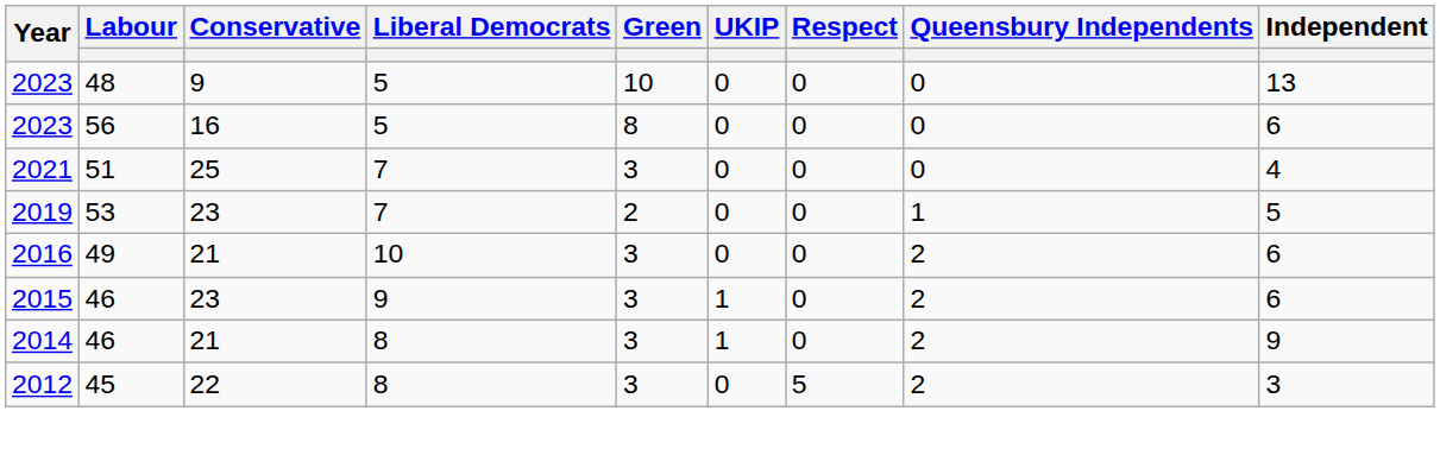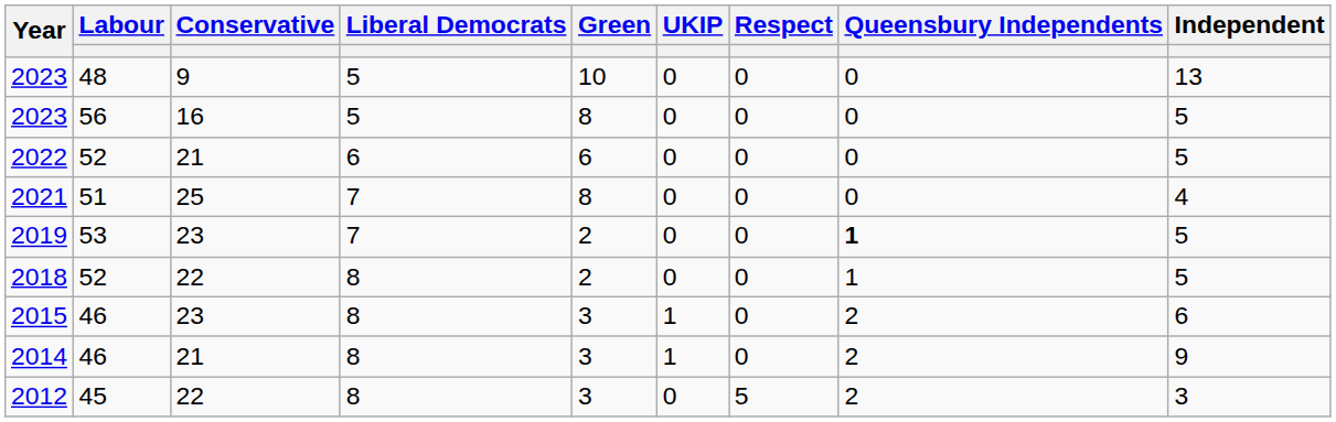 <table class="wikitable">
 <tr>
 <th rowspan="2">Year</th>
 <th><a href='#'>Labour</a></th>
 <th><a href='#'>Conservative</a></th>
 <th><a href='#'>Liberal Democrats</a></th>
 <th><a href='#'>Green</a></th>
 <th><a href='#'>UKIP</a></th>
 <th><a href='#'>Respect</a></th>
 <th><a href='#'>Queensbury Independents</a></th>
 <th>Independent</th>
 </tr>
 <tr>
 <th style="background-color: "></th>
 <th style="background-color: "></th>
 <th style="background-color: "></th>
 <th style="background-color: "></th>
 <th style="background-color: "></th>
 <th style="background-color: "></th>
 <th style="background-color: "></th>
 <th style="background-color: "></th>
 </tr>
 <tr>
 <td><a href='#'>2023</a></td>
 <td>48</td>
 <td>9</td>
 <td>5</td>
 <td>10</td>
 <td>0</td>
 <td>0</td>
 <td>0</td>
 <td>13</td>
 </tr>
 <tr>
 <td><a href='#'>2023</a></td>
 <td>56</td>
 <td>16</td>
 <td>5</td>
 <td>8</td>
 <td>0</td>
 <td>0</td>
 <td>0</td>
+<td>5</td>
+</tr>
+<tr>
+<td><a href='#'>2022</a></td>
+<td>52</td>
+<td>21</td>
 <td>6</td>
+<td>6</td>
+<td>0</td>
+<td>0</td>
+<td>0</td>
+<td>5</td>
 </tr>
 <tr>
 <td><a href='#'>2021</a></td>
 <td>51</td>
 <td>25</td>
 <td>7</td>
-<td>3</td>
+<td>8</td>
 <td>0</td>
 <td>0</td>
 <td>0</td>
 <td>4</td>
 </tr>
 <tr>
 <td><a href='#'>2019</a></td>
 <td>53</td>
 <td>23</td>
 <td>7</td>
 <td>2</td>
 <td>0</td>
 <td>0</td>
-<td>1</td>
+<td><strong>1</strong></td>
 <td>5</td>
 </tr>
 <tr>
-<td><a href='#'>2016</a></td>
-<td>49</td>
-<td>21</td>
-<td>10</td>
-<td>3</td>
+<td><a href='#'>2018</a></td>
+<td>52</td>
+<td>22</td>
+<td>8</td>
+<td>2</td>
 <td>0</td>
 <td>0</td>
-<td>2</td>
-<td>6</td>
+<td>1</td>
+<td>5</td>
 </tr>
 <tr>
 <td><a href='#'>2015</a></td>
 <td>46</td>
 <td>23</td>
-<td>9</td>
+<td>8</td>
 <td>3</td>
 <td>1</td>
 <td>0</td>
 <td>2</td>
 <td>6</td>
 </tr>
 <tr>
 <td><a href='#'>2014</a></td>
 <td>46</td>
 <td>21</td>
 <td>8</td>
 <td>3</td>
 <td>1</td>
 <td>0</td>
 <td>2</td>
 <td>9</td>
 </tr>
 <tr>
 <td><a href='#'>2012</a></td>
 <td>45</td>
 <td>22</td>
 <td>8</td>
 <td>3</td>
 <td>0</td>
 <td>5</td>
 <td>2</td>
 <td>3</td>
 </tr>
 </table>
